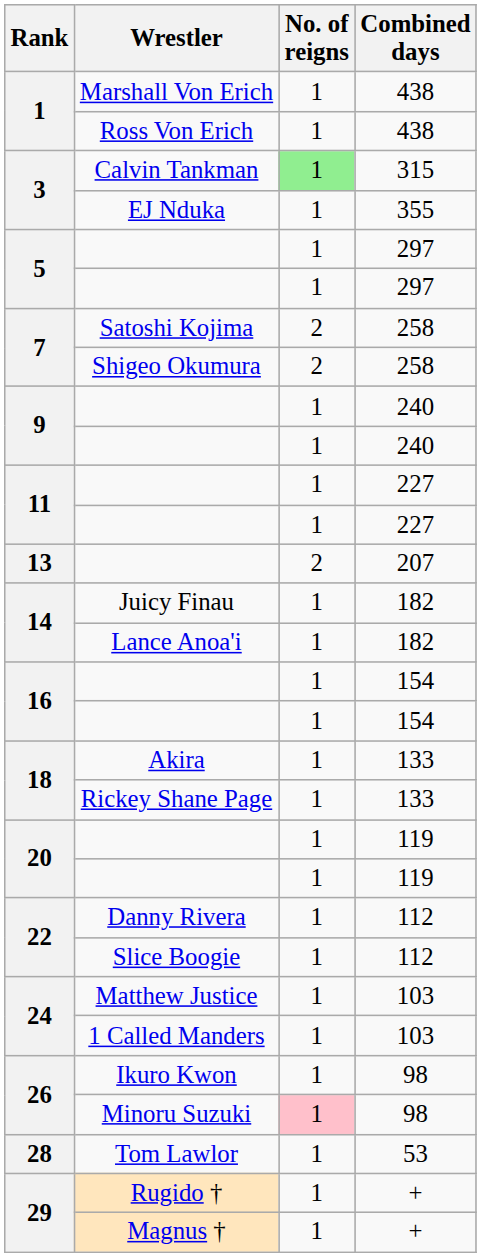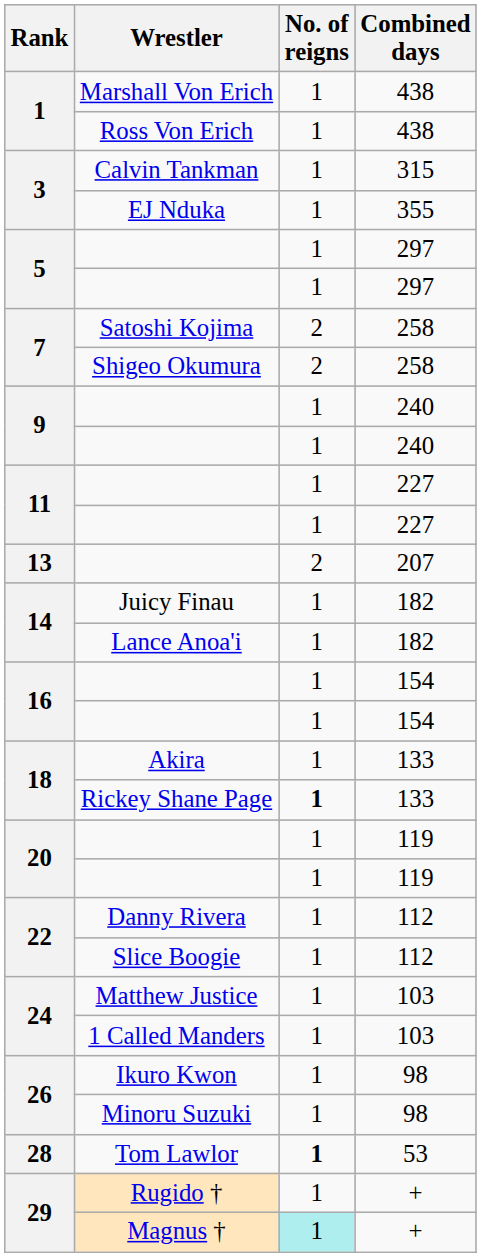 <table class="wikitable sortable" style="text-align: center">
 <tr>
 <th>Rank</th>
 <th>Wrestler</th>
 <th>No. of<br>reigns</th>
 <th>Combined<br>days</th>
 </tr>
 <tr>
 <th rowspan=2>1</th>
 <td><a href='#'>Marshall Von Erich</a></td>
 <td>1</td>
 <td>438</td>
 </tr>
 <tr>
 <td><a href='#'>Ross Von Erich</a></td>
 <td>1</td>
 <td>438</td>
 </tr>
 <tr>
 <th rowspan=2>3</th>
 <td><a href='#'>Calvin Tankman</a></td>
-<td style="background: lightgreen;">1</td>
+<td>1</td>
 <td>315</td>
 </tr>
 <tr>
 <td><a href='#'>EJ Nduka</a></td>
 <td>1</td>
 <td>355</td>
 </tr>
 <tr>
 <th rowspan=2>5</th>
 <td></td>
 <td>1</td>
 <td>297</td>
 </tr>
 <tr>
 <td></td>
 <td>1</td>
 <td>297</td>
 </tr>
 <tr>
 <th rowspan=2>7</th>
 <td><a href='#'>Satoshi Kojima</a></td>
 <td>2</td>
 <td>258</td>
 </tr>
 <tr>
 <td><a href='#'>Shigeo Okumura</a></td>
 <td>2</td>
 <td>258</td>
 </tr>
 <tr>
 <th rowspan=2>9</th>
 <td></td>
 <td>1</td>
 <td>240</td>
 </tr>
 <tr>
 <td></td>
 <td>1</td>
 <td>240</td>
 </tr>
 <tr>
 <th rowspan=2>11</th>
 <td></td>
 <td>1</td>
 <td>227</td>
 </tr>
 <tr>
 <td></td>
 <td>1</td>
 <td>227</td>
 </tr>
 <tr>
 <th>13</th>
 <td></td>
 <td>2</td>
 <td>207</td>
 </tr>
 <tr>
 <th rowspan=2>14</th>
 <td>Juicy Finau</td>
 <td>1</td>
 <td>182</td>
 </tr>
 <tr>
 <td><a href='#'>Lance Anoa'i</a></td>
 <td>1</td>
 <td>182</td>
 </tr>
 <tr>
 <th rowspan=2>16</th>
 <td></td>
 <td>1</td>
 <td>154</td>
 </tr>
 <tr>
 <td></td>
 <td>1</td>
 <td>154</td>
 </tr>
 <tr>
 <th rowspan=2>18</th>
 <td><a href='#'>Akira</a></td>
 <td>1</td>
 <td>133</td>
 </tr>
 <tr>
 <td><a href='#'>Rickey Shane Page</a></td>
-<td>1</td>
+<td><strong>1</strong></td>
 <td>133</td>
 </tr>
 <tr>
 <th rowspan=2>20</th>
 <td></td>
 <td>1</td>
 <td>119</td>
 </tr>
 <tr>
 <td></td>
 <td>1</td>
 <td>119</td>
 </tr>
 <tr>
 <th rowspan=2>22</th>
 <td><a href='#'>Danny Rivera</a></td>
 <td>1</td>
 <td>112</td>
 </tr>
 <tr>
 <td><a href='#'>Slice Boogie</a></td>
 <td>1</td>
 <td>112</td>
 </tr>
 <tr>
 <th rowspan=2>24</th>
 <td><a href='#'>Matthew Justice</a></td>
 <td>1</td>
 <td>103</td>
 </tr>
 <tr>
 <td><a href='#'>1 Called Manders</a></td>
 <td>1</td>
 <td>103</td>
 </tr>
 <tr>
 <th rowspan=2>26</th>
 <td><a href='#'>Ikuro Kwon</a></td>
 <td>1</td>
 <td>98</td>
 </tr>
 <tr>
 <td><a href='#'>Minoru Suzuki</a></td>
-<td style="background: pink;">1</td>
+<td>1</td>
 <td>98</td>
 </tr>
 <tr>
 <th>28</th>
 <td><a href='#'>Tom Lawlor</a></td>
-<td>1</td>
+<td><strong>1</strong></td>
 <td>53</td>
 </tr>
 <tr>
 <th rowspan=2>29</th>
 <td style="background-color:#ffe6bd"><a href='#'>Rugido</a> †</td>
 <td>1</td>
 <td>+</td>
 </tr>
 <tr>
 <td style="background-color:#ffe6bd"><a href='#'>Magnus</a> †</td>
-<td>1</td>
+<td style="background: paleturquoise;">1</td>
 <td>+</td>
 </tr>
 <tr>
 </tr>
 </table>
